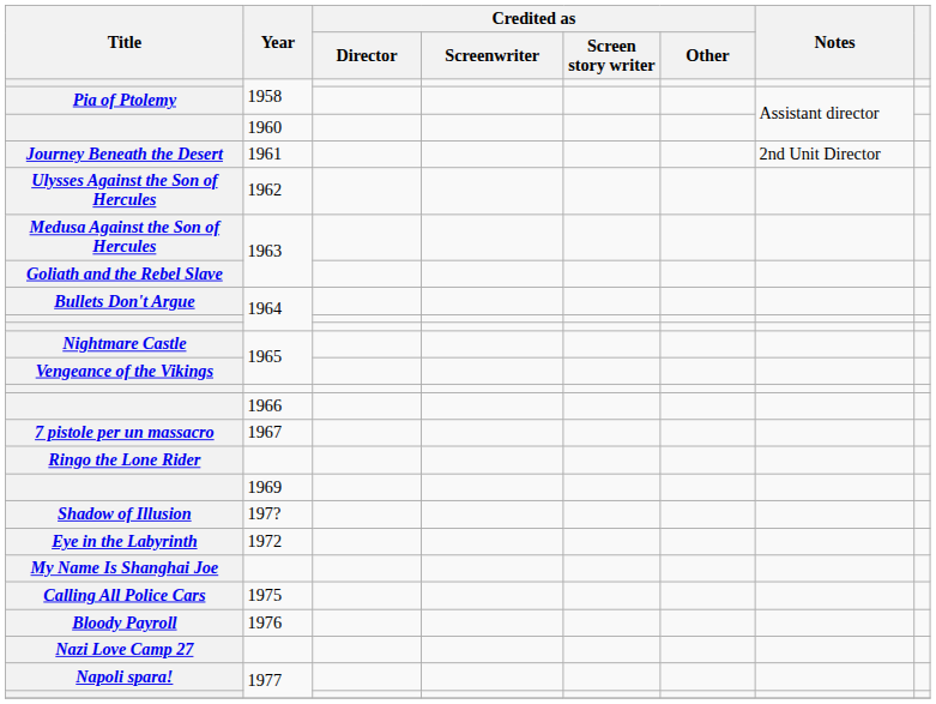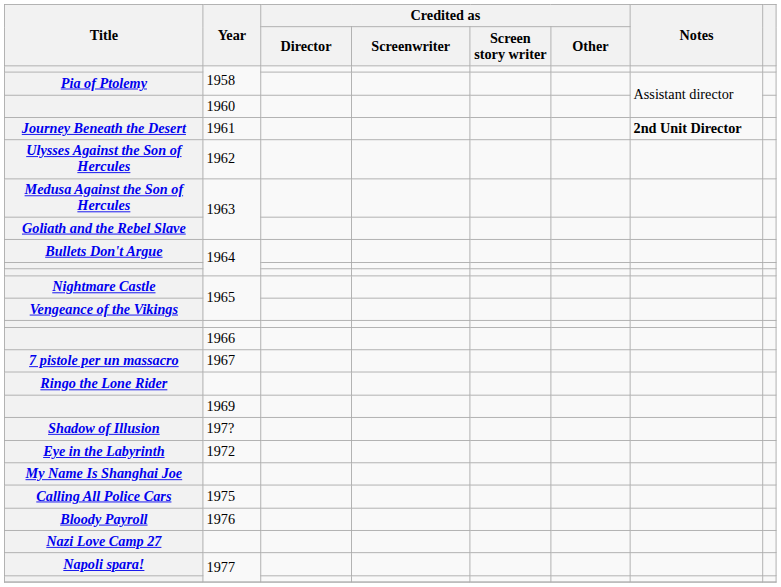 <table class="wikitable sortable plainrowheaders">
 <tr>
 <th width="15%" rowspan="2" scope="col">Title</th>
 <th width="4%" rowspan="2" scope="col">Year</th>
 <th colspan="4" scope="col">Credited as</th>
 <th width="10%" rowspan="2" scope="col" class="unsortable">Notes</th>
 <th width="1%" rowspan="2" scope="col" class="unsortable"></th>
 </tr>
 <tr>
 <th width=6%>Director</th>
 <th width=6%>Screenwriter</th>
 <th width=6%>Screen story writer</th>
 <th width=6%>Other</th>
 </tr>
 <tr>
 <th scope="row"></th>
 <td rowspan="2">1958</td>
 <td></td>
 <td></td>
 <td></td>
 <td></td>
 <td></td>
 <td style="text-align:center;"></td>
 </tr>
 <tr>
 <th scope="row"><em><a href='#'>Pia of Ptolemy</a></em></th>
 <td></td>
 <td></td>
 <td></td>
 <td></td>
 <td rowspan="2">Assistant director</td>
 <td style="text-align:center;"></td>
 </tr>
 <tr>
 <th scope="row"></th>
 <td>1960</td>
 <td></td>
 <td></td>
 <td></td>
 <td></td>
 <td style="text-align:center;"></td>
 </tr>
 <tr>
 <th scope="row"><em><a href='#'>Journey Beneath the Desert</a></em></th>
 <td>1961</td>
 <td></td>
 <td></td>
 <td></td>
 <td></td>
-<td>2nd Unit Director</td>
+<td><strong>2nd Unit Director</strong></td>
 <td style="text-align:center;"></td>
 </tr>
 <tr>
 <th scope="row"><em><a href='#'>Ulysses Against the Son of Hercules</a></em></th>
 <td>1962</td>
 <td></td>
 <td></td>
 <td></td>
 <td></td>
 <td></td>
 <td style="text-align:center;"></td>
 </tr>
 <tr>
 <th scope="row"><em><a href='#'>Medusa Against the Son of Hercules</a></em></th>
 <td rowspan="2">1963</td>
 <td></td>
 <td></td>
 <td></td>
 <td></td>
 <td></td>
 <td style="text-align:center;"></td>
 </tr>
 <tr>
 <th scope="row"><em><a href='#'>Goliath and the Rebel Slave</a></em></th>
 <td></td>
 <td></td>
 <td></td>
 <td></td>
 <td></td>
 <td style="text-align:center;"></td>
 </tr>
 <tr>
 <th scope="row"><em><a href='#'>Bullets Don't Argue</a></em></th>
 <td rowspan="3">1964</td>
 <td></td>
 <td></td>
 <td></td>
 <td></td>
 <td></td>
 <td style="text-align:center;"></td>
 </tr>
 <tr>
 <th scope="row"></th>
 <td></td>
 <td></td>
 <td></td>
 <td></td>
 <td></td>
 <td style="text-align:center;"></td>
 </tr>
 <tr>
 <th scope="row"></th>
 <td></td>
 <td></td>
 <td></td>
 <td></td>
 <td></td>
 <td style="text-align:center;"></td>
 </tr>
 <tr>
 <th scope="row"><em><a href='#'>Nightmare Castle</a></em></th>
 <td rowspan="2">1965</td>
 <td></td>
 <td></td>
 <td></td>
 <td></td>
 <td></td>
 <td style="text-align:center;"></td>
 </tr>
 <tr>
 <th scope="row"><em><a href='#'>Vengeance of the Vikings</a></em></th>
 <td></td>
 <td></td>
 <td></td>
 <td></td>
 <td></td>
 <td style="text-align:center;"></td>
 </tr>
 <tr>
 <th scope="row"></th>
 <td></td>
 <td></td>
 <td></td>
 <td></td>
 <td></td>
 <td></td>
 <td style="text-align:center;"></td>
 </tr>
 <tr>
 <th scope="row"><em></em></th>
 <td>1966</td>
 <td></td>
 <td></td>
 <td></td>
 <td></td>
 <td></td>
 <td style="text-align:center;"></td>
 </tr>
 <tr>
 <th scope="row"><em><a href='#'>7 pistole per un massacro</a></em></th>
 <td>1967</td>
 <td></td>
 <td></td>
 <td></td>
 <td></td>
 <td></td>
 <td style="text-align:center;"></td>
 </tr>
 <tr>
 <th scope="row"><em><a href='#'>Ringo the Lone Rider</a></em></th>
 <td></td>
 <td></td>
 <td></td>
 <td></td>
 <td></td>
 <td></td>
 <td style="text-align:center;"></td>
 </tr>
 <tr>
 <th scope="row"><em></em></th>
 <td>1969</td>
 <td></td>
 <td></td>
 <td></td>
 <td></td>
 <td></td>
 <td style="text-align:center;"></td>
 </tr>
 <tr>
 <th scope="row"><em><a href='#'>Shadow of Illusion</a></em></th>
 <td>197?</td>
 <td></td>
 <td></td>
 <td></td>
 <td></td>
 <td></td>
 <td style="text-align:center;"></td>
 </tr>
 <tr>
 <th scope="row"><em><a href='#'>Eye in the Labyrinth</a></em></th>
 <td>1972</td>
 <td></td>
 <td></td>
 <td></td>
 <td></td>
 <td></td>
 <td style="text-align:center;"></td>
 </tr>
 <tr>
 <th scope="row"><em><a href='#'>My Name Is Shanghai Joe</a></em></th>
 <td></td>
 <td></td>
 <td></td>
 <td></td>
 <td></td>
 <td></td>
 <td style="text-align:center;"></td>
 </tr>
 <tr>
 <th scope="row"><em><a href='#'>Calling All Police Cars</a></em></th>
 <td>1975</td>
 <td></td>
 <td></td>
 <td></td>
 <td></td>
 <td></td>
 <td style="text-align:center;"></td>
 </tr>
 <tr>
 <th scope="row"><em><a href='#'>Bloody Payroll</a></em></th>
 <td>1976</td>
 <td></td>
 <td></td>
 <td></td>
 <td></td>
 <td></td>
 <td style="text-align:center;"></td>
 </tr>
 <tr>
 <th scope="row"><em><a href='#'>Nazi Love Camp 27</a></em></th>
 <td></td>
 <td></td>
 <td></td>
 <td></td>
 <td></td>
 <td></td>
 <td style="text-align:center;"></td>
 </tr>
 <tr>
 <th scope="row"><em><a href='#'>Napoli spara!</a></em></th>
 <td rowspan="2">1977</td>
 <td></td>
 <td></td>
 <td></td>
 <td></td>
 <td></td>
 <td style="text-align:center;"></td>
 </tr>
 <tr>
 <th scope="row"></th>
 <td></td>
 <td></td>
 <td></td>
 <td></td>
 <td></td>
 <td style="text-align:center;"></td>
 </tr>
 <tr>
 </tr>
 </table>
